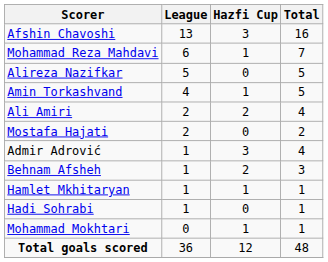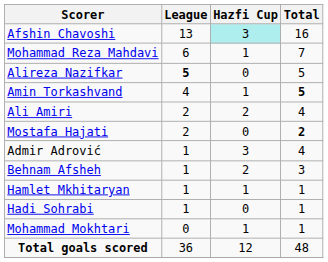 <table class="wikitable" style="text-align:center">
 <tr>
 <th>Scorer</th>
 <th>League</th>
 <th>Hazfi Cup</th>
 <th>Total</th>
 </tr>
 <tr>
 <td style="text-align:left"> <a href='#'>Afshin Chavoshi</a></td>
 <td>13</td>
-<td>3</td>
+<td style="background: paleturquoise;">3</td>
 <td>16</td>
 </tr>
 <tr>
 <td style="text-align:left"> <a href='#'>Mohammad Reza Mahdavi</a></td>
 <td>6</td>
 <td>1</td>
 <td>7</td>
 </tr>
 <tr>
 <td style="text-align:left"> <a href='#'>Alireza Nazifkar</a></td>
-<td>5</td>
+<td><strong>5</strong></td>
 <td>0</td>
 <td>5</td>
 </tr>
 <tr>
 <td style="text-align:left"> <a href='#'>Amin Torkashvand</a></td>
 <td>4</td>
 <td>1</td>
-<td>5</td>
+<td><strong>5</strong></td>
 </tr>
 <tr>
 <td style="text-align:left"> <a href='#'>Ali Amiri</a></td>
 <td>2</td>
 <td>2</td>
 <td>4</td>
 </tr>
 <tr>
 <td style="text-align:left"> <a href='#'>Mostafa Hajati</a></td>
 <td>2</td>
 <td>0</td>
-<td>2</td>
+<td><strong>2</strong></td>
 </tr>
 <tr>
 <td style="text-align:left"> Admir Adrović</td>
 <td>1</td>
 <td>3</td>
 <td>4</td>
 </tr>
 <tr>
 <td style="text-align:left"> <a href='#'>Behnam Afsheh</a></td>
 <td>1</td>
 <td>2</td>
 <td>3</td>
 </tr>
 <tr>
 <td style="text-align:left"> <a href='#'>Hamlet Mkhitaryan</a></td>
 <td>1</td>
 <td>1</td>
 <td>1</td>
 </tr>
 <tr>
 <td style="text-align:left"> <a href='#'>Hadi Sohrabi</a></td>
 <td>1</td>
 <td>0</td>
 <td>1</td>
 </tr>
 <tr>
 <td style="text-align:left"> <a href='#'>Mohammad Mokhtari</a></td>
 <td>0</td>
 <td>1</td>
 <td>1</td>
 </tr>
 <tr>
 <td><strong>Total goals scored</strong></td>
 <td>36</td>
 <td>12</td>
 <td>48</td>
 </tr>
 <tr>
 </tr>
 </table>
